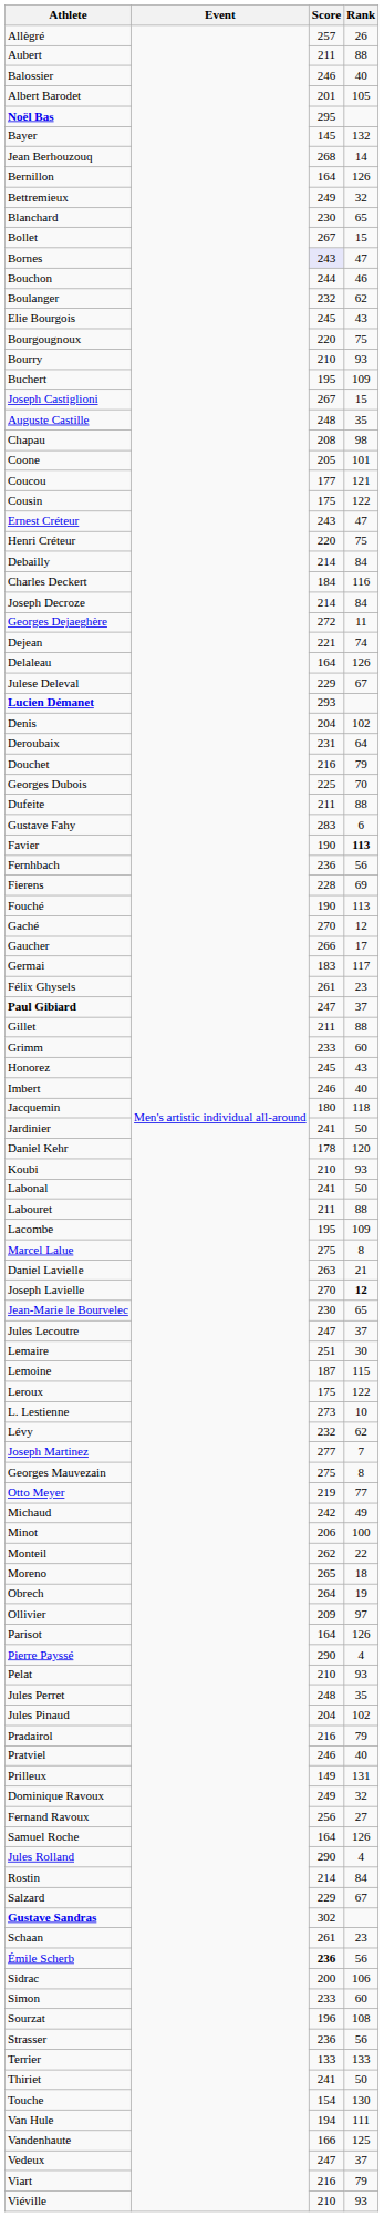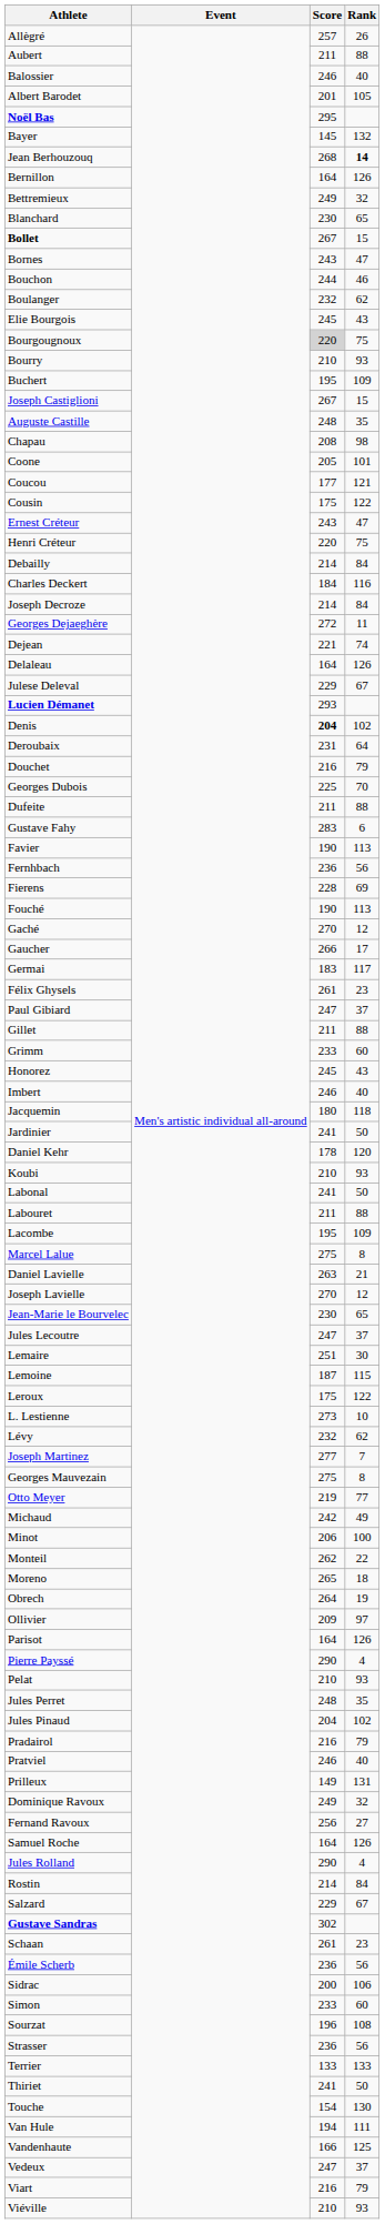 <table class="wikitable" style="font-size:90%">
 <tr>
 <th>Athlete</th>
 <th>Event</th>
 <th>Score</th>
 <th>Rank</th>
 </tr>
 <tr align="center">
 <td align="left">Allègré</td>
 <td rowspan="108"><a href='#'>Men's artistic individual all-around</a></td>
 <td>257</td>
 <td>26</td>
 </tr>
 <tr align="center">
 <td align="left">Aubert</td>
 <td>211</td>
 <td>88</td>
 </tr>
 <tr align="center">
 <td align="left">Balossier</td>
 <td>246</td>
 <td>40</td>
 </tr>
 <tr align="center">
 <td align="left">Albert Barodet</td>
 <td>201</td>
 <td>105</td>
 </tr>
 <tr align="center">
 <td align="left"><strong><a href='#'>Noël Bas</a></strong></td>
 <td>295</td>
 <td></td>
 </tr>
 <tr align="center">
 <td align="left">Bayer</td>
 <td>145</td>
 <td>132</td>
 </tr>
 <tr align="center">
 <td align="left">Jean Berhouzouq</td>
 <td>268</td>
-<td>14</td>
+<td><strong>14</strong></td>
 </tr>
 <tr align="center">
 <td align="left">Bernillon</td>
 <td>164</td>
 <td>126</td>
 </tr>
 <tr align="center">
 <td align=left>Bettremieux</td>
 <td>249</td>
 <td>32</td>
 </tr>
 <tr align="center">
 <td align=left>Blanchard</td>
 <td>230</td>
 <td>65</td>
 </tr>
 <tr align="center">
-<td align=left>Bollet</td>
+<td align=left><strong>Bollet</strong></td>
 <td>267</td>
 <td>15</td>
 </tr>
 <tr align="center">
 <td align=left>Bornes</td>
-<td style="background: lavender;">243</td>
+<td>243</td>
 <td>47</td>
 </tr>
 <tr align="center">
 <td align=left>Bouchon</td>
 <td>244</td>
 <td>46</td>
 </tr>
 <tr align="center">
 <td align=left>Boulanger</td>
 <td>232</td>
 <td>62</td>
 </tr>
 <tr align="center">
 <td align=left>Elie Bourgois</td>
 <td>245</td>
 <td>43</td>
 </tr>
 <tr align="center">
 <td align=left>Bourgougnoux</td>
-<td>220</td>
+<td style="background: lightgrey;">220</td>
 <td>75</td>
 </tr>
 <tr align="center">
 <td align=left>Bourry</td>
 <td>210</td>
 <td>93</td>
 </tr>
 <tr align="center">
 <td align=left>Buchert</td>
 <td>195</td>
 <td>109</td>
 </tr>
 <tr align="center">
 <td align=left><a href='#'>Joseph Castiglioni</a></td>
 <td>267</td>
 <td>15</td>
 </tr>
 <tr align="center">
 <td align=left><a href='#'>Auguste Castille</a></td>
 <td>248</td>
 <td>35</td>
 </tr>
 <tr align="center">
 <td align=left>Chapau</td>
 <td>208</td>
 <td>98</td>
 </tr>
 <tr align="center">
 <td align=left>Coone</td>
 <td>205</td>
 <td>101</td>
 </tr>
 <tr align="center">
 <td align=left>Coucou</td>
 <td>177</td>
 <td>121</td>
 </tr>
 <tr align="center">
 <td align=left>Cousin</td>
 <td>175</td>
 <td>122</td>
 </tr>
 <tr align="center">
 <td align=left><a href='#'>Ernest Créteur</a></td>
 <td>243</td>
 <td>47</td>
 </tr>
 <tr align="center">
 <td align=left>Henri Créteur</td>
 <td>220</td>
 <td>75</td>
 </tr>
 <tr align="center">
 <td align=left>Debailly</td>
 <td>214</td>
 <td>84</td>
 </tr>
 <tr align="center">
 <td align=left>Charles Deckert</td>
 <td>184</td>
 <td>116</td>
 </tr>
 <tr align="center">
 <td align=left>Joseph Decroze</td>
 <td>214</td>
 <td>84</td>
 </tr>
 <tr align="center">
 <td align=left><a href='#'>Georges Dejaeghère</a></td>
 <td>272</td>
 <td>11</td>
 </tr>
 <tr align="center">
 <td align=left>Dejean</td>
 <td>221</td>
 <td>74</td>
 </tr>
 <tr align="center">
 <td align=left>Delaleau</td>
 <td>164</td>
 <td>126</td>
 </tr>
 <tr align="center">
 <td align=left>Julese Deleval</td>
 <td>229</td>
 <td>67</td>
 </tr>
 <tr align="center">
 <td align=left><strong><a href='#'>Lucien Démanet</a></strong></td>
 <td>293</td>
 <td></td>
 </tr>
 <tr align="center">
 <td align=left>Denis</td>
-<td>204</td>
+<td><strong>204</strong></td>
 <td>102</td>
 </tr>
 <tr align="center">
 <td align=left>Deroubaix</td>
 <td>231</td>
 <td>64</td>
 </tr>
 <tr align="center">
 <td align=left>Douchet</td>
 <td>216</td>
 <td>79</td>
 </tr>
 <tr align="center">
 <td align=left>Georges Dubois</td>
 <td>225</td>
 <td>70</td>
 </tr>
 <tr align="center">
 <td align=left>Dufeite</td>
 <td>211</td>
 <td>88</td>
 </tr>
 <tr align="center">
 <td align=left>Gustave Fahy</td>
 <td>283</td>
 <td>6</td>
 </tr>
 <tr align="center">
 <td align=left>Favier</td>
 <td>190</td>
-<td><strong>113</strong></td>
+<td>113</td>
 </tr>
 <tr align="center">
 <td align=left>Fernhbach</td>
 <td>236</td>
 <td>56</td>
 </tr>
 <tr align="center">
 <td align=left>Fierens</td>
 <td>228</td>
 <td>69</td>
 </tr>
 <tr align="center">
 <td align=left>Fouché</td>
 <td>190</td>
 <td>113</td>
 </tr>
 <tr align="center">
 <td align=left>Gaché</td>
 <td>270</td>
 <td>12</td>
 </tr>
 <tr align="center">
 <td align=left>Gaucher</td>
 <td>266</td>
 <td>17</td>
 </tr>
 <tr align="center">
 <td align=left>Germai</td>
 <td>183</td>
 <td>117</td>
 </tr>
 <tr align="center">
 <td align=left>Félix Ghysels</td>
 <td>261</td>
 <td>23</td>
 </tr>
 <tr align="center">
-<td align=left><strong>Paul Gibiard</strong></td>
+<td align=left>Paul Gibiard</td>
 <td>247</td>
 <td>37</td>
 </tr>
 <tr align="center">
 <td align=left>Gillet</td>
 <td>211</td>
 <td>88</td>
 </tr>
 <tr align="center">
 <td align=left>Grimm</td>
 <td>233</td>
 <td>60</td>
 </tr>
 <tr align="center">
 <td align=left>Honorez</td>
 <td>245</td>
 <td>43</td>
 </tr>
 <tr align="center">
 <td align=left>Imbert</td>
 <td>246</td>
 <td>40</td>
 </tr>
 <tr align="center">
 <td align=left>Jacquemin</td>
 <td>180</td>
 <td>118</td>
 </tr>
 <tr align="center">
 <td align=left>Jardinier</td>
 <td>241</td>
 <td>50</td>
 </tr>
 <tr align="center">
 <td align=left>Daniel Kehr</td>
 <td>178</td>
 <td>120</td>
 </tr>
 <tr align="center">
 <td align=left>Koubi</td>
 <td>210</td>
 <td>93</td>
 </tr>
 <tr align="center">
 <td align=left>Labonal</td>
 <td>241</td>
 <td>50</td>
 </tr>
 <tr align="center">
 <td align=left>Labouret</td>
 <td>211</td>
 <td>88</td>
 </tr>
 <tr align="center">
 <td align=left>Lacombe</td>
 <td>195</td>
 <td>109</td>
 </tr>
 <tr align="center">
 <td align=left><a href='#'>Marcel Lalue</a></td>
 <td>275</td>
 <td>8</td>
 </tr>
 <tr align="center">
 <td align=left>Daniel Lavielle</td>
 <td>263</td>
 <td>21</td>
 </tr>
 <tr align="center">
 <td align=left>Joseph Lavielle</td>
 <td>270</td>
-<td><strong>12</strong></td>
+<td>12</td>
 </tr>
 <tr align="center">
 <td align=left><a href='#'>Jean-Marie le Bourvelec</a></td>
 <td>230</td>
 <td>65</td>
 </tr>
 <tr align="center">
 <td align=left>Jules Lecoutre</td>
 <td>247</td>
 <td>37</td>
 </tr>
 <tr align="center">
 <td align=left>Lemaire</td>
 <td>251</td>
 <td>30</td>
 </tr>
 <tr align="center">
 <td align=left>Lemoine</td>
 <td>187</td>
 <td>115</td>
 </tr>
 <tr align="center">
 <td align=left>Leroux</td>
 <td>175</td>
 <td>122</td>
 </tr>
 <tr align="center">
 <td align=left>L. Lestienne</td>
 <td>273</td>
 <td>10</td>
 </tr>
 <tr align="center">
 <td align=left>Lévy</td>
 <td>232</td>
 <td>62</td>
 </tr>
 <tr align="center">
 <td align=left><a href='#'>Joseph Martinez</a></td>
 <td>277</td>
 <td>7</td>
 </tr>
 <tr align="center">
 <td align=left>Georges Mauvezain</td>
 <td>275</td>
 <td>8</td>
 </tr>
 <tr align="center">
 <td align=left><a href='#'>Otto Meyer</a></td>
 <td>219</td>
 <td>77</td>
 </tr>
 <tr align="center">
 <td align=left>Michaud</td>
 <td>242</td>
 <td>49</td>
 </tr>
 <tr align="center">
 <td align=left>Minot</td>
 <td>206</td>
 <td>100</td>
 </tr>
 <tr align="center">
 <td align=left>Monteil</td>
 <td>262</td>
 <td>22</td>
 </tr>
 <tr align="center">
 <td align=left>Moreno</td>
 <td>265</td>
 <td>18</td>
 </tr>
 <tr align="center">
 <td align=left>Obrech</td>
 <td>264</td>
 <td>19</td>
 </tr>
 <tr align="center">
 <td align=left>Ollivier</td>
 <td>209</td>
 <td>97</td>
 </tr>
 <tr align="center">
 <td align=left>Parisot</td>
 <td>164</td>
 <td>126</td>
 </tr>
 <tr align="center">
 <td align=left><a href='#'>Pierre Payssé</a></td>
 <td>290</td>
 <td>4</td>
 </tr>
 <tr align="center">
 <td align=left>Pelat</td>
 <td>210</td>
 <td>93</td>
 </tr>
 <tr align="center">
 <td align=left>Jules Perret</td>
 <td>248</td>
 <td>35</td>
 </tr>
 <tr align="center">
 <td align=left>Jules Pinaud</td>
 <td>204</td>
 <td>102</td>
 </tr>
 <tr align="center">
 <td align=left>Pradairol</td>
 <td>216</td>
 <td>79</td>
 </tr>
 <tr align="center">
 <td align=left>Pratviel</td>
 <td>246</td>
 <td>40</td>
 </tr>
 <tr align="center">
 <td align=left>Prilleux</td>
 <td>149</td>
 <td>131</td>
 </tr>
 <tr align="center">
 <td align=left>Dominique Ravoux</td>
 <td>249</td>
 <td>32</td>
 </tr>
 <tr align="center">
 <td align=left>Fernand Ravoux</td>
 <td>256</td>
 <td>27</td>
 </tr>
 <tr align="center">
 <td align=left>Samuel Roche</td>
 <td>164</td>
 <td>126</td>
 </tr>
 <tr align="center">
 <td align=left><a href='#'>Jules Rolland</a></td>
 <td>290</td>
 <td>4</td>
 </tr>
 <tr align="center">
 <td align=left>Rostin</td>
 <td>214</td>
 <td>84</td>
 </tr>
 <tr align="center">
 <td align=left>Salzard</td>
 <td>229</td>
 <td>67</td>
 </tr>
 <tr align="center">
 <td align=left><strong><a href='#'>Gustave Sandras</a></strong></td>
 <td>302</td>
 <td></td>
 </tr>
 <tr align="center">
 <td align=left>Schaan</td>
 <td>261</td>
 <td>23</td>
 </tr>
 <tr align="center">
 <td align=left><a href='#'>Émile Scherb</a></td>
-<td><strong>236</strong></td>
+<td>236</td>
 <td>56</td>
 </tr>
 <tr align="center">
 <td align=left>Sidrac</td>
 <td>200</td>
 <td>106</td>
 </tr>
 <tr align="center">
 <td align=left>Simon</td>
 <td>233</td>
 <td>60</td>
 </tr>
 <tr align="center">
 <td align=left>Sourzat</td>
 <td>196</td>
 <td>108</td>
 </tr>
 <tr align="center">
 <td align=left>Strasser</td>
 <td>236</td>
 <td>56</td>
 </tr>
 <tr align="center">
 <td align=left>Terrier</td>
 <td>133</td>
 <td>133</td>
 </tr>
 <tr align="center">
 <td align=left>Thiriet</td>
 <td>241</td>
 <td>50</td>
 </tr>
 <tr align="center">
 <td align=left>Touche</td>
 <td>154</td>
 <td>130</td>
 </tr>
 <tr align="center">
 <td align=left>Van Hule</td>
 <td>194</td>
 <td>111</td>
 </tr>
 <tr align="center">
 <td align=left>Vandenhaute</td>
 <td>166</td>
 <td>125</td>
 </tr>
 <tr align="center">
 <td align=left>Vedeux</td>
 <td>247</td>
 <td>37</td>
 </tr>
 <tr align="center">
 <td align=left>Viart</td>
 <td>216</td>
 <td>79</td>
 </tr>
 <tr align="center">
 <td align=left>Viéville</td>
 <td>210</td>
 <td>93</td>
 </tr>
 </table>
